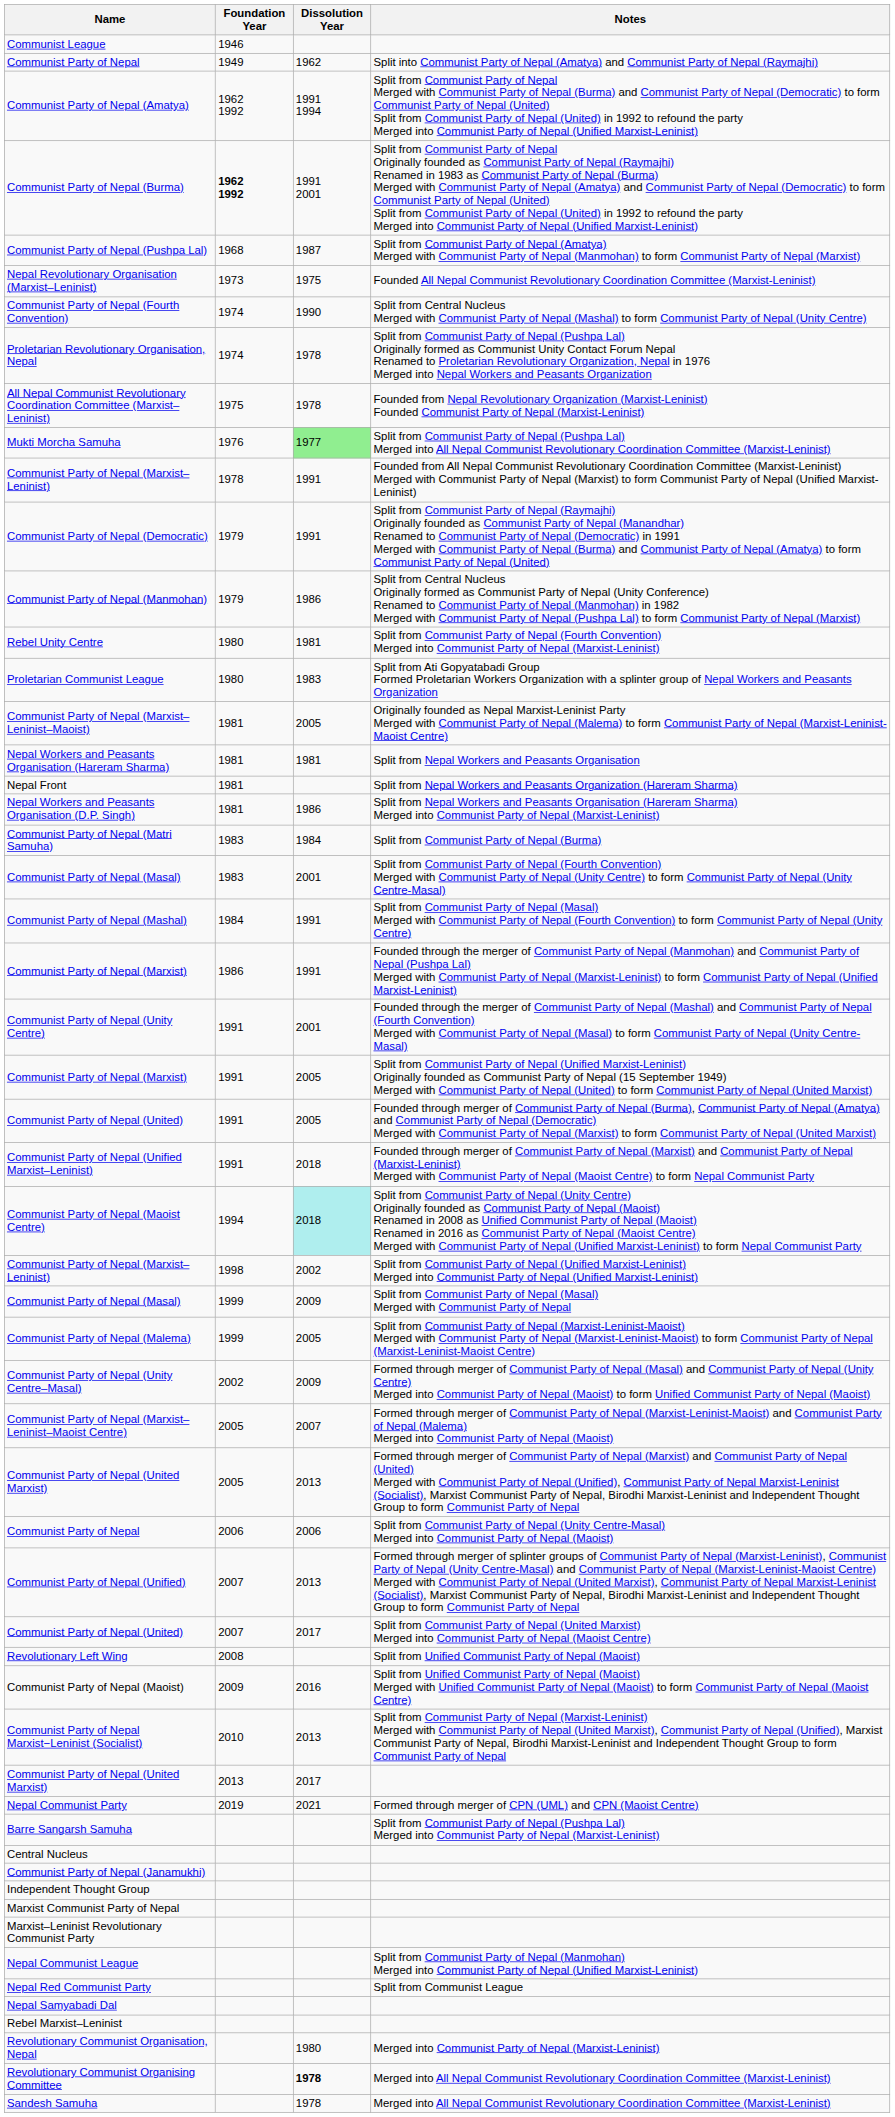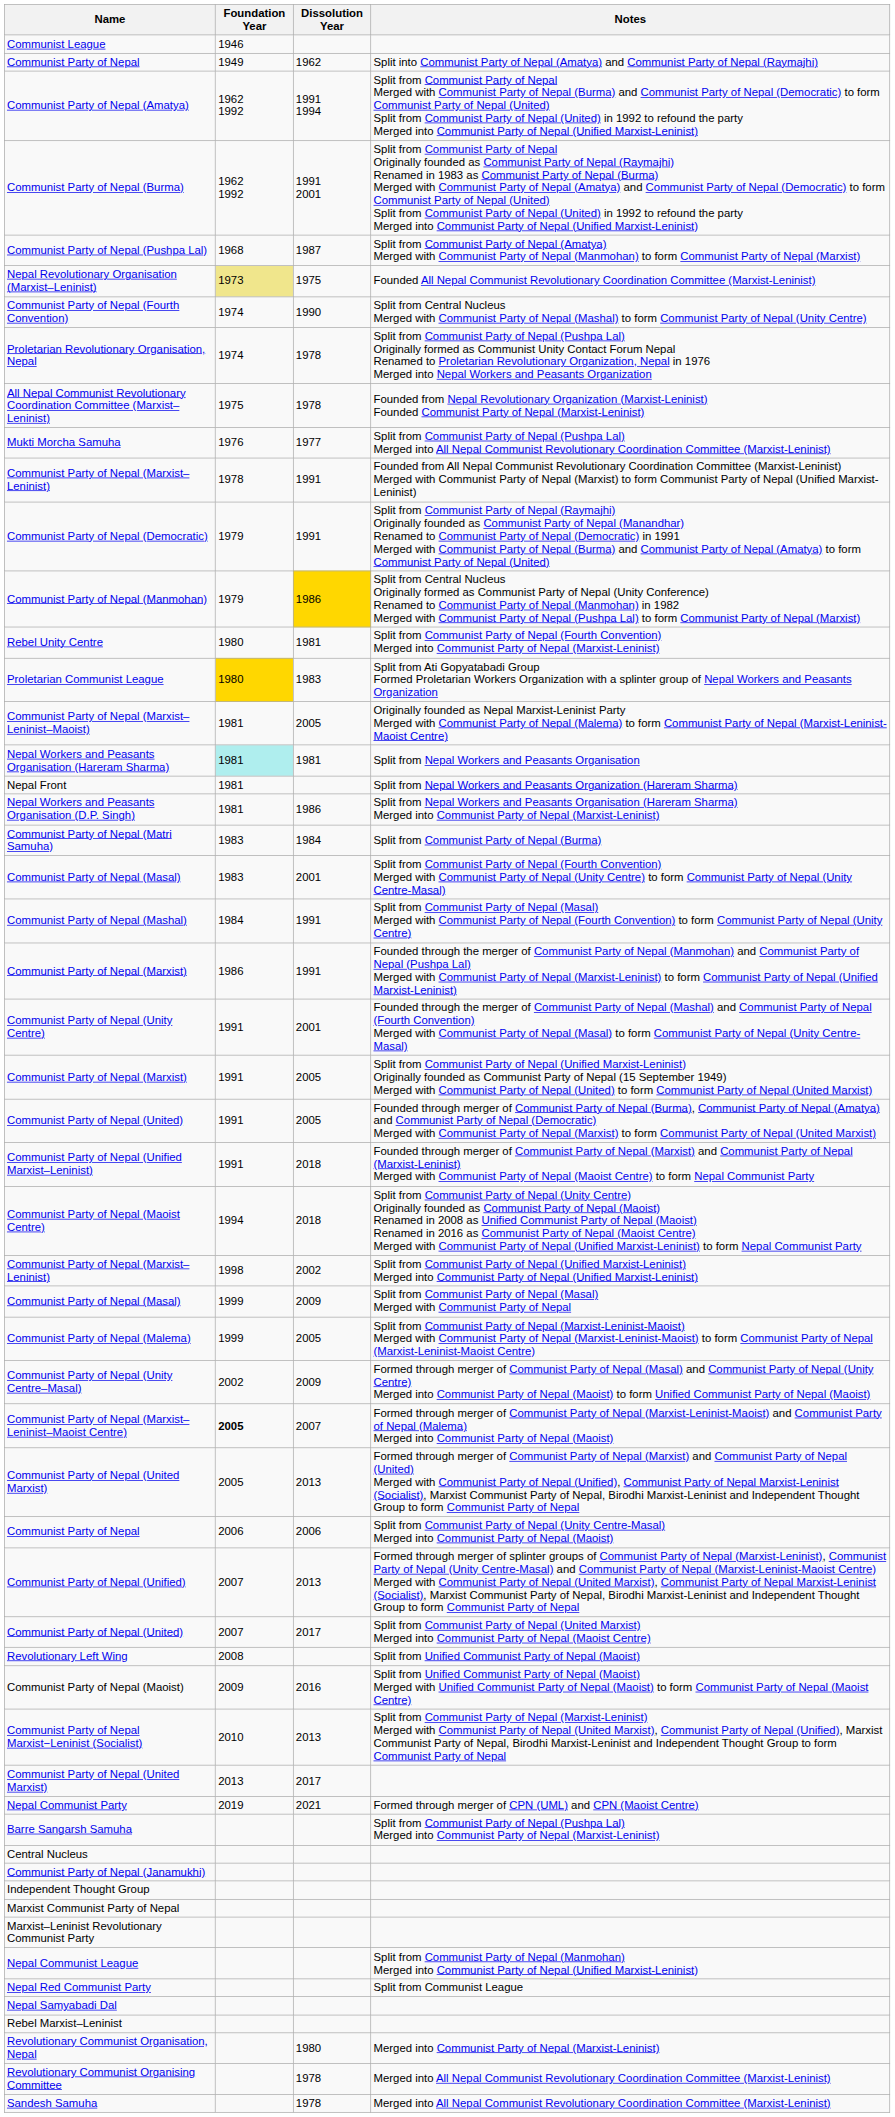 <table class="wikitable">
 <tr>
 <th>Name</th>
 <th>Foundation Year</th>
 <th>Dissolution Year</th>
 <th>Notes</th>
 </tr>
 <tr>
 <td><a href='#'>Communist League</a></td>
 <td>1946</td>
 <td></td>
 <td></td>
 </tr>
 <tr>
 <td><a href='#'>Communist Party of Nepal</a></td>
 <td>1949</td>
 <td>1962</td>
 <td>Split into <a href='#'>Communist Party of Nepal (Amatya)</a> and <a href='#'>Communist Party of Nepal (Raymajhi)</a></td>
 </tr>
 <tr>
 <td><a href='#'>Communist Party of Nepal (Amatya)</a></td>
 <td>1962<br>1992</td>
 <td>1991<br>1994</td>
 <td>Split from <a href='#'>Communist Party of Nepal</a><br>Merged with <a href='#'>Communist Party of Nepal (Burma)</a> and <a href='#'>Communist Party of Nepal (Democratic)</a> to form <a href='#'>Communist Party of Nepal (United)</a><br>Split from <a href='#'>Communist Party of Nepal (United)</a> in 1992 to refound the party<br>Merged into <a href='#'>Communist Party of Nepal (Unified Marxist-Leninist)</a></td>
 </tr>
 <tr>
 <td><a href='#'>Communist Party of Nepal (Burma)</a></td>
-<td><strong>1962<br>1992</strong></td>
+<td>1962<br>1992</td>
 <td>1991<br>2001</td>
 <td>Split from <a href='#'>Communist Party of Nepal</a><br>Originally founded as <a href='#'>Communist Party of Nepal (Raymajhi)</a><br>Renamed in 1983 as <a href='#'>Communist Party of Nepal (Burma)</a><br>Merged with <a href='#'>Communist Party of Nepal (Amatya)</a> and <a href='#'>Communist Party of Nepal (Democratic)</a> to form <a href='#'>Communist Party of Nepal (United)</a><br>Split from <a href='#'>Communist Party of Nepal (United)</a> in 1992 to refound the party<br>Merged into <a href='#'>Communist Party of Nepal (Unified Marxist-Leninist)</a></td>
 </tr>
 <tr>
 <td><a href='#'>Communist Party of Nepal (Pushpa Lal)</a></td>
 <td>1968</td>
 <td>1987</td>
 <td>Split from <a href='#'>Communist Party of Nepal (Amatya)</a><br>Merged with <a href='#'>Communist Party of Nepal (Manmohan)</a> to form <a href='#'>Communist Party of Nepal (Marxist)</a></td>
 </tr>
 <tr>
 <td><a href='#'>Nepal Revolutionary Organisation (Marxist–Leninist)</a></td>
-<td>1973</td>
+<td style="background: khaki;">1973</td>
 <td>1975</td>
 <td>Founded <a href='#'>All Nepal Communist Revolutionary Coordination Committee (Marxist-Leninist)</a></td>
 </tr>
 <tr>
 <td><a href='#'>Communist Party of Nepal (Fourth Convention)</a></td>
 <td>1974</td>
 <td>1990</td>
 <td>Split from Central Nucleus<br>Merged with <a href='#'>Communist Party of Nepal (Mashal)</a> to form <a href='#'>Communist Party of Nepal (Unity Centre)</a></td>
 </tr>
 <tr>
 <td><a href='#'>Proletarian Revolutionary Organisation, Nepal</a></td>
 <td>1974</td>
 <td>1978</td>
 <td>Split from <a href='#'>Communist Party of Nepal (Pushpa Lal)</a><br>Originally formed as Communist Unity Contact Forum Nepal<br>Renamed to <a href='#'>Proletarian Revolutionary Organization, Nepal</a> in 1976<br>Merged into <a href='#'>Nepal Workers and Peasants Organization</a></td>
 </tr>
 <tr>
 <td><a href='#'>All Nepal Communist Revolutionary Coordination Committee (Marxist–Leninist)</a></td>
 <td>1975</td>
 <td>1978</td>
 <td>Founded from <a href='#'>Nepal Revolutionary Organization (Marxist-Leninist)</a><br>Founded <a href='#'>Communist Party of Nepal (Marxist-Leninist)</a></td>
 </tr>
 <tr>
 <td><a href='#'>Mukti Morcha Samuha</a></td>
 <td>1976</td>
-<td style="background: lightgreen;">1977</td>
+<td>1977</td>
 <td>Split from <a href='#'>Communist Party of Nepal (Pushpa Lal)</a><br>Merged into <a href='#'>All Nepal Communist Revolutionary Coordination Committee (Marxist-Leninist)</a></td>
 </tr>
 <tr>
 <td><a href='#'>Communist Party of Nepal (Marxist–Leninist)</a></td>
 <td>1978</td>
 <td>1991</td>
 <td>Founded from All Nepal Communist Revolutionary Coordination Committee (Marxist-Leninist)<br>Merged with Communist Party of Nepal (Marxist) to form Communist Party of Nepal (Unified Marxist-Leninist)</td>
 </tr>
 <tr>
 <td><a href='#'>Communist Party of Nepal (Democratic)</a></td>
 <td>1979</td>
 <td>1991</td>
 <td>Split from <a href='#'>Communist Party of Nepal (Raymajhi)</a><br>Originally founded as <a href='#'>Communist Party of Nepal (Manandhar)</a><br>Renamed to <a href='#'>Communist Party of Nepal (Democratic)</a> in 1991<br>Merged with <a href='#'>Communist Party of Nepal (Burma)</a> and <a href='#'>Communist Party of Nepal (Amatya)</a> to form <a href='#'>Communist Party of Nepal (United)</a></td>
 </tr>
 <tr>
 <td><a href='#'>Communist Party of Nepal (Manmohan)</a></td>
 <td>1979</td>
-<td>1986</td>
+<td style="background: gold;">1986</td>
 <td>Split from Central Nucleus<br>Originally formed as Communist Party of Nepal (Unity Conference)<br>Renamed to <a href='#'>Communist Party of Nepal (Manmohan)</a> in 1982<br>Merged with <a href='#'>Communist Party of Nepal (Pushpa Lal)</a> to form <a href='#'>Communist Party of Nepal (Marxist)</a></td>
 </tr>
 <tr>
 <td><a href='#'>Rebel Unity Centre</a></td>
 <td>1980</td>
 <td>1981</td>
 <td>Split from <a href='#'>Communist Party of Nepal (Fourth Convention)</a><br>Merged into <a href='#'>Communist Party of Nepal (Marxist-Leninist)</a></td>
 </tr>
 <tr>
 <td><a href='#'>Proletarian Communist League</a></td>
-<td>1980</td>
+<td style="background: gold;">1980</td>
 <td>1983</td>
 <td>Split from Ati Gopyatabadi Group<br>Formed Proletarian Workers Organization with a splinter group of <a href='#'>Nepal Workers and Peasants Organization</a></td>
 </tr>
 <tr>
 <td><a href='#'>Communist Party of Nepal (Marxist–Leninist–Maoist)</a></td>
 <td>1981</td>
 <td>2005</td>
 <td>Originally founded as Nepal Marxist-Leninist Party<br>Merged with <a href='#'>Communist Party of Nepal (Malema)</a> to form <a href='#'>Communist Party of Nepal (Marxist-Leninist-Maoist Centre)</a></td>
 </tr>
 <tr>
 <td><a href='#'>Nepal Workers and Peasants Organisation (Hareram Sharma)</a></td>
-<td>1981</td>
+<td style="background: paleturquoise;">1981</td>
 <td>1981</td>
 <td>Split from <a href='#'>Nepal Workers and Peasants Organisation</a></td>
 </tr>
 <tr>
 <td>Nepal Front</td>
 <td>1981</td>
 <td></td>
 <td>Split from <a href='#'>Nepal Workers and Peasants Organization (Hareram Sharma)</a></td>
 </tr>
 <tr>
 <td><a href='#'>Nepal Workers and Peasants Organisation (D.P. Singh)</a></td>
 <td>1981</td>
 <td>1986</td>
 <td>Split from <a href='#'>Nepal Workers and Peasants Organisation (Hareram Sharma)</a><br>Merged into <a href='#'>Communist Party of Nepal (Marxist-Leninist)</a></td>
 </tr>
 <tr>
 <td><a href='#'>Communist Party of Nepal (Matri Samuha)</a></td>
 <td>1983</td>
 <td>1984</td>
 <td>Split from <a href='#'>Communist Party of Nepal (Burma)</a></td>
 </tr>
 <tr>
 <td><a href='#'>Communist Party of Nepal (Masal)</a></td>
 <td>1983</td>
 <td>2001</td>
 <td>Split from <a href='#'>Communist Party of Nepal (Fourth Convention)</a><br>Merged with <a href='#'>Communist Party of Nepal (Unity Centre)</a> to form <a href='#'>Communist Party of Nepal (Unity Centre-Masal)</a></td>
 </tr>
 <tr>
 <td><a href='#'>Communist Party of Nepal (Mashal)</a></td>
 <td>1984</td>
 <td>1991</td>
 <td>Split from <a href='#'>Communist Party of Nepal (Masal)</a><br>Merged with <a href='#'>Communist Party of Nepal (Fourth Convention)</a> to form <a href='#'>Communist Party of Nepal (Unity Centre)</a></td>
 </tr>
 <tr>
 <td><a href='#'>Communist Party of Nepal (Marxist)</a></td>
 <td>1986</td>
 <td>1991</td>
 <td>Founded through the merger of <a href='#'>Communist Party of Nepal (Manmohan)</a> and <a href='#'>Communist Party of Nepal (Pushpa Lal)</a><br>Merged with <a href='#'>Communist Party of Nepal (Marxist-Leninist)</a> to form <a href='#'>Communist Party of Nepal (Unified Marxist-Leninist)</a></td>
 </tr>
 <tr>
 <td><a href='#'>Communist Party of Nepal (Unity Centre)</a></td>
 <td>1991</td>
 <td>2001</td>
 <td>Founded through the merger of <a href='#'>Communist Party of Nepal (Mashal)</a> and <a href='#'>Communist Party of Nepal (Fourth Convention)</a><br>Merged with <a href='#'>Communist Party of Nepal (Masal)</a> to form <a href='#'>Communist Party of Nepal (Unity Centre-Masal)</a></td>
 </tr>
 <tr>
 <td><a href='#'>Communist Party of Nepal (Marxist)</a></td>
 <td>1991</td>
 <td>2005</td>
 <td>Split from <a href='#'>Communist Party of Nepal (Unified Marxist-Leninist)</a><br>Originally founded as Communist Party of Nepal (15 September 1949)<br>Merged with <a href='#'>Communist Party of Nepal (United)</a> to form <a href='#'>Communist Party of Nepal (United Marxist)</a></td>
 </tr>
 <tr>
 <td><a href='#'>Communist Party of Nepal (United)</a></td>
 <td>1991</td>
 <td>2005</td>
 <td>Founded through merger of <a href='#'>Communist Party of Nepal (Burma)</a>, <a href='#'>Communist Party of Nepal (Amatya)</a> and <a href='#'>Communist Party of Nepal (Democratic)</a><br>Merged with <a href='#'>Communist Party of Nepal (Marxist)</a> to form <a href='#'>Communist Party of Nepal (United Marxist)</a></td>
 </tr>
 <tr>
 <td><a href='#'>Communist Party of Nepal (Unified Marxist–Leninist)</a></td>
 <td>1991</td>
 <td>2018</td>
 <td>Founded through merger of <a href='#'>Communist Party of Nepal (Marxist)</a> and <a href='#'>Communist Party of Nepal (Marxist-Leninist)</a><br>Merged with <a href='#'>Communist Party of Nepal (Maoist Centre)</a> to form <a href='#'>Nepal Communist Party</a></td>
 </tr>
 <tr>
 <td><a href='#'>Communist Party of Nepal (Maoist Centre)</a></td>
 <td>1994</td>
-<td style="background: paleturquoise;">2018</td>
+<td>2018</td>
 <td>Split from <a href='#'>Communist Party of Nepal (Unity Centre)</a><br>Originally founded as <a href='#'>Communist Party of Nepal (Maoist)</a><br>Renamed in 2008 as <a href='#'>Unified Communist Party of Nepal (Maoist)</a><br>Renamed in 2016 as <a href='#'>Communist Party of Nepal (Maoist Centre)</a><br>Merged with <a href='#'>Communist Party of Nepal (Unified Marxist-Leninist)</a> to form <a href='#'>Nepal Communist Party</a></td>
 </tr>
 <tr>
 <td><a href='#'>Communist Party of Nepal (Marxist–Leninist)</a></td>
 <td>1998</td>
 <td>2002</td>
 <td>Split from <a href='#'>Communist Party of Nepal (Unified Marxist-Leninist)</a><br>Merged into <a href='#'>Communist Party of Nepal (Unified Marxist-Leninist)</a></td>
 </tr>
 <tr>
 <td><a href='#'>Communist Party of Nepal (Masal)</a></td>
 <td>1999</td>
 <td>2009</td>
 <td>Split from <a href='#'>Communist Party of Nepal (Masal)</a><br>Merged with <a href='#'>Communist Party of Nepal</a></td>
 </tr>
 <tr>
 <td><a href='#'>Communist Party of Nepal (Malema)</a></td>
 <td>1999</td>
 <td>2005</td>
 <td>Split from <a href='#'>Communist Party of Nepal (Marxist-Leninist-Maoist)</a><br>Merged with <a href='#'>Communist Party of Nepal (Marxist-Leninist-Maoist)</a> to form <a href='#'>Communist Party of Nepal (Marxist-Leninist-Maoist Centre)</a></td>
 </tr>
 <tr>
 <td><a href='#'>Communist Party of Nepal (Unity Centre–Masal)</a></td>
 <td>2002</td>
 <td>2009</td>
 <td>Formed through merger of <a href='#'>Communist Party of Nepal (Masal)</a> and <a href='#'>Communist Party of Nepal (Unity Centre)</a><br>Merged into <a href='#'>Communist Party of Nepal (Maoist)</a> to form <a href='#'>Unified Communist Party of Nepal (Maoist)</a></td>
 </tr>
 <tr>
 <td><a href='#'>Communist Party of Nepal (Marxist–Leninist–Maoist Centre)</a></td>
-<td>2005</td>
+<td><strong>2005</strong></td>
 <td>2007</td>
 <td>Formed through merger of <a href='#'>Communist Party of Nepal (Marxist-Leninist-Maoist)</a> and <a href='#'>Communist Party of Nepal (Malema)</a><br>Merged into <a href='#'>Communist Party of Nepal (Maoist)</a></td>
 </tr>
 <tr>
 <td><a href='#'>Communist Party of Nepal (United Marxist)</a></td>
 <td>2005</td>
 <td>2013</td>
 <td>Formed through merger of <a href='#'>Communist Party of Nepal (Marxist)</a> and <a href='#'>Communist Party of Nepal (United)</a><br>Merged with <a href='#'>Communist Party of Nepal (Unified)</a>, <a href='#'>Communist Party of Nepal Marxist-Leninist (Socialist)</a>, Marxist Communist Party of Nepal, Birodhi Marxist-Leninist and Independent Thought Group to form <a href='#'>Communist Party of Nepal</a></td>
 </tr>
 <tr>
 <td><a href='#'>Communist Party of Nepal</a></td>
 <td>2006</td>
 <td>2006</td>
 <td>Split from <a href='#'>Communist Party of Nepal (Unity Centre-Masal)</a><br>Merged into <a href='#'>Communist Party of Nepal (Maoist)</a></td>
 </tr>
 <tr>
 <td><a href='#'>Communist Party of Nepal (Unified)</a></td>
 <td>2007</td>
 <td>2013</td>
 <td>Formed through merger of splinter groups of <a href='#'>Communist Party of Nepal (Marxist-Leninist)</a>, <a href='#'>Communist Party of Nepal (Unity Centre-Masal)</a> and <a href='#'>Communist Party of Nepal (Marxist-Leninist-Maoist Centre)</a><br>Merged with <a href='#'>Communist Party of Nepal (United Marxist)</a>, <a href='#'>Communist Party of Nepal Marxist-Leninist (Socialist)</a>, Marxist Communist Party of Nepal, Birodhi Marxist-Leninist and Independent Thought Group to form <a href='#'>Communist Party of Nepal</a></td>
 </tr>
 <tr>
 <td><a href='#'>Communist Party of Nepal (United)</a></td>
 <td>2007</td>
 <td>2017</td>
 <td>Split from <a href='#'>Communist Party of Nepal (United Marxist)</a><br>Merged into <a href='#'>Communist Party of Nepal (Maoist Centre)</a></td>
 </tr>
 <tr>
 <td><a href='#'>Revolutionary Left Wing</a></td>
 <td>2008</td>
 <td></td>
 <td>Split from <a href='#'>Unified Communist Party of Nepal (Maoist)</a></td>
 </tr>
 <tr>
 <td>Communist Party of Nepal (Maoist)</td>
 <td>2009</td>
 <td>2016</td>
 <td>Split from <a href='#'>Unified Communist Party of Nepal (Maoist)</a><br>Merged with <a href='#'>Unified Communist Party of Nepal (Maoist)</a> to form <a href='#'>Communist Party of Nepal (Maoist Centre)</a></td>
 </tr>
 <tr>
 <td><a href='#'>Communist Party of Nepal Marxist−Leninist (Socialist)</a></td>
 <td>2010</td>
 <td>2013</td>
 <td>Split from <a href='#'>Communist Party of Nepal (Marxist-Leninist)</a><br>Merged with <a href='#'>Communist Party of Nepal (United Marxist)</a>, <a href='#'>Communist Party of Nepal (Unified)</a>, Marxist Communist Party of Nepal, Birodhi Marxist-Leninist and Independent Thought Group to form <a href='#'>Communist Party of Nepal</a></td>
 </tr>
 <tr>
 <td><a href='#'>Communist Party of Nepal (United Marxist)</a></td>
 <td>2013</td>
 <td>2017</td>
 <td></td>
 </tr>
 <tr>
 <td><a href='#'>Nepal Communist Party</a></td>
 <td>2019</td>
 <td>2021</td>
 <td>Formed through merger of <a href='#'>CPN (UML)</a> and <a href='#'>CPN (Maoist Centre)</a></td>
 </tr>
 <tr>
 <td><a href='#'>Barre Sangarsh Samuha</a></td>
 <td></td>
 <td></td>
 <td>Split from <a href='#'>Communist Party of Nepal (Pushpa Lal)</a><br>Merged into <a href='#'>Communist Party of Nepal (Marxist-Leninist)</a></td>
 </tr>
 <tr>
 <td>Central Nucleus</td>
 <td></td>
 <td></td>
 <td></td>
 </tr>
 <tr>
 <td><a href='#'>Communist Party of Nepal (Janamukhi)</a></td>
 <td></td>
 <td></td>
 <td></td>
 </tr>
 <tr>
 <td>Independent Thought Group</td>
 <td></td>
 <td></td>
 <td></td>
 </tr>
 <tr>
 <td>Marxist Communist Party of Nepal</td>
 <td></td>
 <td></td>
 <td></td>
 </tr>
 <tr>
 <td>Marxist–Leninist Revolutionary Communist  Party</td>
 <td></td>
 <td></td>
 <td></td>
 </tr>
 <tr>
 <td><a href='#'>Nepal Communist League</a></td>
 <td></td>
 <td></td>
 <td>Split from <a href='#'>Communist Party of Nepal (Manmohan)</a><br>Merged into <a href='#'>Communist Party of Nepal (Unified Marxist-Leninist)</a></td>
 </tr>
 <tr>
 <td><a href='#'>Nepal Red Communist Party</a></td>
 <td></td>
 <td></td>
 <td>Split from Communist League</td>
 </tr>
 <tr>
 <td><a href='#'>Nepal Samyabadi Dal</a></td>
 <td></td>
 <td></td>
 <td></td>
 </tr>
 <tr>
 <td>Rebel Marxist–Leninist</td>
 <td></td>
 <td></td>
 <td></td>
 </tr>
 <tr>
 <td><a href='#'>Revolutionary Communist Organisation, Nepal</a></td>
 <td></td>
 <td>1980</td>
 <td>Merged into <a href='#'>Communist Party of Nepal (Marxist-Leninist)</a></td>
 </tr>
 <tr>
 <td><a href='#'>Revolutionary Communist Organising Committee</a></td>
 <td></td>
-<td><strong>1978</strong></td>
+<td>1978</td>
 <td>Merged into <a href='#'>All Nepal Communist Revolutionary Coordination Committee (Marxist-Leninist)</a></td>
 </tr>
 <tr>
 <td><a href='#'>Sandesh Samuha</a></td>
 <td></td>
 <td>1978</td>
 <td>Merged into <a href='#'>All Nepal Communist Revolutionary Coordination Committee (Marxist-Leninist)</a></td>
 </tr>
 </table>
